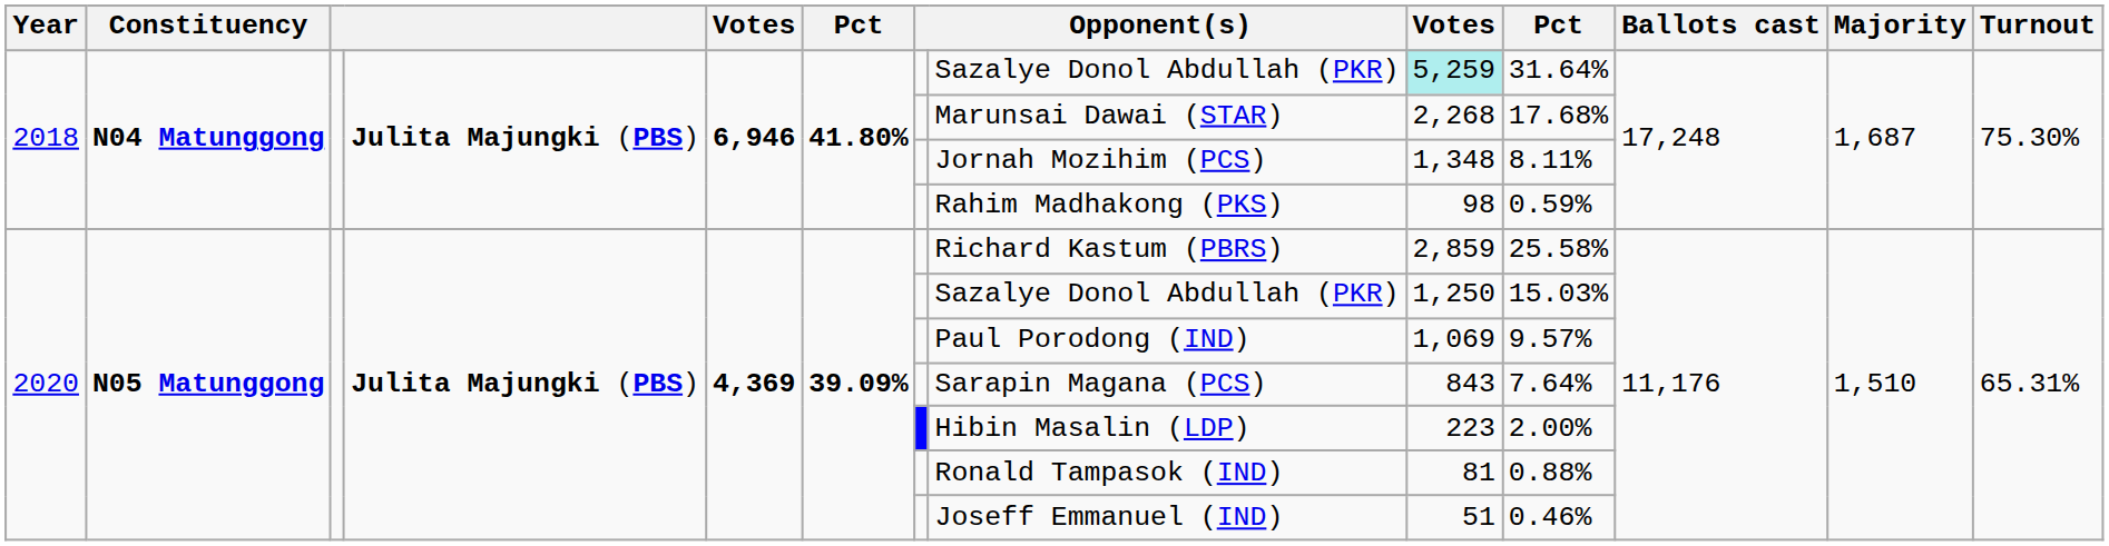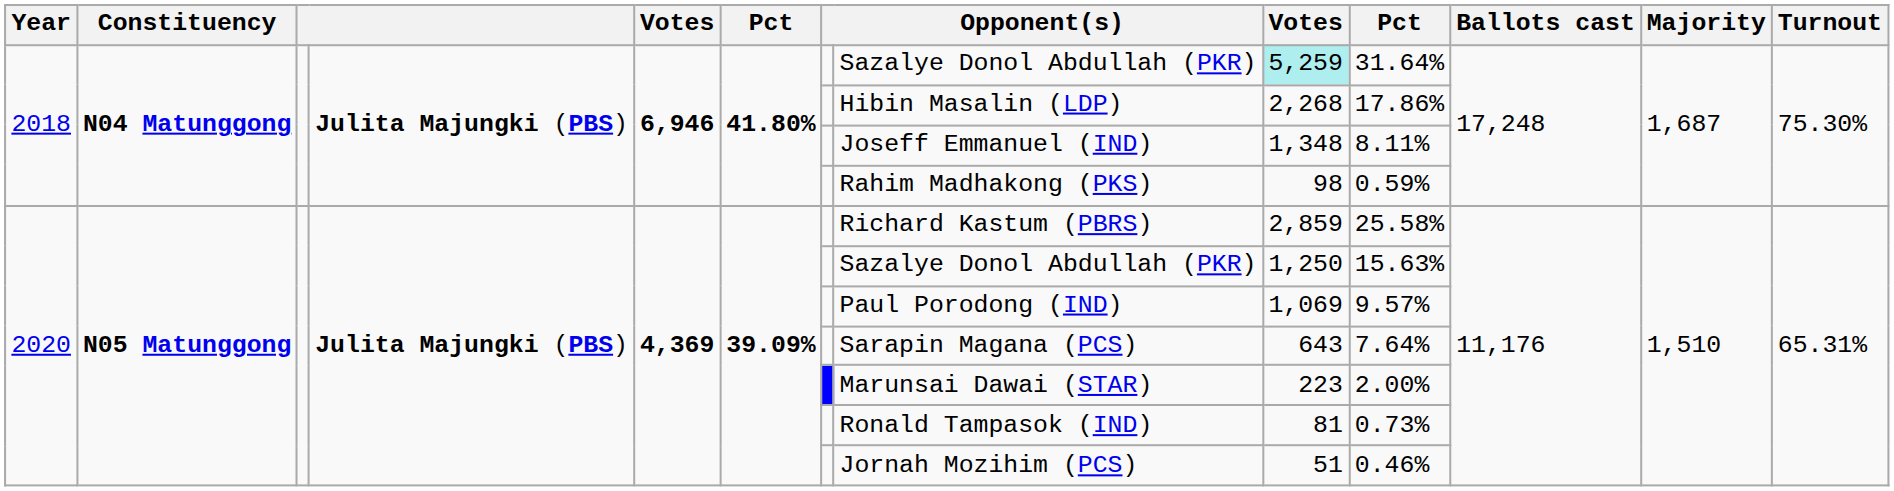 <table class="wikitable" style="margin:0.5em ; font-size:95%">
 <tr>
 <th>Year</th>
 <th>Constituency</th>
 <th colspan=2></th>
 <th>Votes</th>
 <th>Pct</th>
 <th colspan=2>Opponent(s)</th>
 <th>Votes</th>
 <th>Pct</th>
 <th>Ballots cast</th>
 <th>Majority</th>
 <th>Turnout</th>
 </tr>
 <tr>
 <td rowspan=4><a href='#'>2018</a></td>
 <td rowspan=4><strong>N04 <a href='#'>Matunggong</a></strong></td>
 <td rowspan=4 ></td>
 <td rowspan=4><strong>Julita Majungki</strong> (<a href='#'><strong>PBS</strong></a>)</td>
 <td rowspan=4 align="right"><strong>6,946</strong></td>
 <td rowspan=4><strong>41.80%</strong></td>
 <td></td>
 <td>Sazalye Donol Abdullah (<a href='#'>PKR</a>)</td>
 <td align="right" style="background: paleturquoise;">5,259</td>
 <td>31.64%</td>
 <td rowspan=4>17,248</td>
 <td rowspan=4>1,687</td>
 <td rowspan=4>75.30%</td>
 </tr>
 <tr>
 <td></td>
-<td>Marunsai Dawai (<a href='#'>STAR</a>)</td>
+<td>Hibin Masalin (<a href='#'>LDP</a>)</td>
 <td align="right">2,268</td>
-<td>17.68%</td>
+<td>17.86%</td>
 </tr>
 <tr>
 <td></td>
-<td>Jornah Mozihim (<a href='#'>PCS</a>)</td>
+<td>Joseff Emmanuel (<a href='#'>IND</a>)</td>
 <td align="right">1,348</td>
 <td>8.11%</td>
 </tr>
 <tr>
 <td></td>
 <td>Rahim Madhakong (<a href='#'>PKS</a>)</td>
 <td align="right">98</td>
 <td>0.59%</td>
 </tr>
 <tr>
 <td rowspan=7><a href='#'>2020</a></td>
 <td rowspan=7><strong>N05 <a href='#'>Matunggong</a></strong></td>
 <td rowspan=7 ></td>
 <td rowspan=7><strong>Julita Majungki</strong> (<a href='#'><strong>PBS</strong></a>)</td>
 <td rowspan=7 align="right"><strong>4,369</strong></td>
 <td rowspan=7><strong>39.09%</strong></td>
 <td></td>
 <td>Richard Kastum (<a href='#'>PBRS</a>)</td>
 <td align="right">2,859</td>
 <td>25.58%</td>
 <td rowspan=7>11,176</td>
 <td rowspan=7>1,510</td>
 <td rowspan=7>65.31%</td>
 </tr>
 <tr>
 <td></td>
 <td>Sazalye Donol Abdullah (<a href='#'>PKR</a>)</td>
 <td align="right">1,250</td>
-<td>15.03%</td>
+<td>15.63%</td>
 </tr>
 <tr>
 <td></td>
 <td>Paul Porodong (<a href='#'>IND</a>)</td>
 <td align="right">1,069</td>
 <td>9.57%</td>
 </tr>
 <tr>
 <td></td>
 <td>Sarapin Magana (<a href='#'>PCS</a>)</td>
-<td align="right">843</td>
+<td align="right">643</td>
 <td>7.64%</td>
 </tr>
 <tr>
 <td bgcolor=blue></td>
-<td>Hibin Masalin (<a href='#'>LDP</a>)</td>
+<td>Marunsai Dawai (<a href='#'>STAR</a>)</td>
 <td align="right">223</td>
 <td>2.00%</td>
 </tr>
 <tr>
 <td></td>
 <td>Ronald Tampasok (<a href='#'>IND</a>)</td>
 <td align="right">81</td>
-<td>0.88%</td>
+<td>0.73%</td>
 </tr>
 <tr>
 <td></td>
-<td>Joseff Emmanuel (<a href='#'>IND</a>)</td>
+<td>Jornah Mozihim (<a href='#'>PCS</a>)</td>
 <td align="right">51</td>
 <td>0.46%</td>
 </tr>
 </table>
